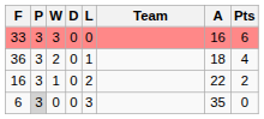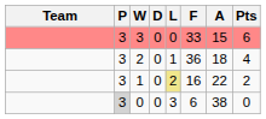 <table class="wikitable" style="text-align:center;">
 <tr>
-<th width="23px">F</th>
+<th width="120px">Team</th>
 <th>P</th>
 <th>W</th>
 <th>D</th>
 <th>L</th>
-<th width="120px">Team</th>
+<th width="23px">F</th>
 <th width="23px">A</th>
 <th width="23px">Pts</th>
 </tr>
 <tr bgcolor="#FF8888">
-<td>33</td>
+<td></td>
 <td>3</td>
 <td>3</td>
 <td>0</td>
 <td>0</td>
-<td></td>
-<td>16</td>
+<td>33</td>
+<td>15</td>
 <td>6</td>
 </tr>
 <tr>
-<td>36</td>
+<td></td>
 <td>3</td>
 <td>2</td>
 <td>0</td>
 <td>1</td>
-<td></td>
+<td>36</td>
 <td>18</td>
 <td>4</td>
 </tr>
 <tr>
-<td>16</td>
+<td></td>
 <td>3</td>
 <td>1</td>
 <td>0</td>
-<td>2</td>
-<td></td>
+<td style="background: khaki;">2</td>
+<td>16</td>
 <td>22</td>
 <td>2</td>
 </tr>
 <tr>
-<td>6</td>
+<td></td>
 <td style="background: lightgrey;">3</td>
 <td>0</td>
 <td>0</td>
 <td>3</td>
-<td></td>
-<td>35</td>
+<td>6</td>
+<td>38</td>
 <td>0</td>
 </tr>
 </table>
